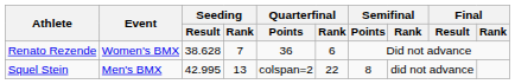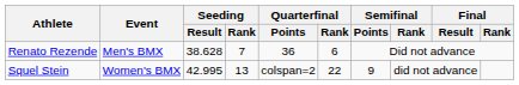 <table class="wikitable" style="font-size:90%">
 <tr>
 <th rowspan="2">Athlete</th>
 <th rowspan="2">Event</th>
 <th colspan="2">Seeding</th>
 <th colspan="2">Quarterfinal</th>
 <th colspan="2">Semifinal</th>
 <th colspan="2">Final</th>
 </tr>
 <tr style="font-size:95%">
 <th>Result</th>
 <th>Rank</th>
 <th>Points</th>
 <th>Rank</th>
 <th>Points</th>
 <th>Rank</th>
 <th>Result</th>
 <th>Rank</th>
 </tr>
 <tr align=center>
 <td align=left><a href='#'>Renato Rezende</a></td>
-<td align=left><a href='#'>Women's BMX</a></td>
+<td align=left><a href='#'>Men's BMX</a></td>
 <td>38.628</td>
 <td>7</td>
 <td>36</td>
 <td>6</td>
 <td colspan=4>Did not advance</td>
 </tr>
 <tr align=center>
 <td align=left><a href='#'>Squel Stein</a></td>
-<td align=left><a href='#'>Men's BMX</a></td>
+<td align=left><a href='#'>Women's BMX</a></td>
 <td>42.995</td>
 <td>13</td>
 <td>colspan=2 </td>
 <td>22</td>
-<td>8</td>
+<td>9</td>
 <td colspan=2>did not advance</td>
 </tr>
 </table>
